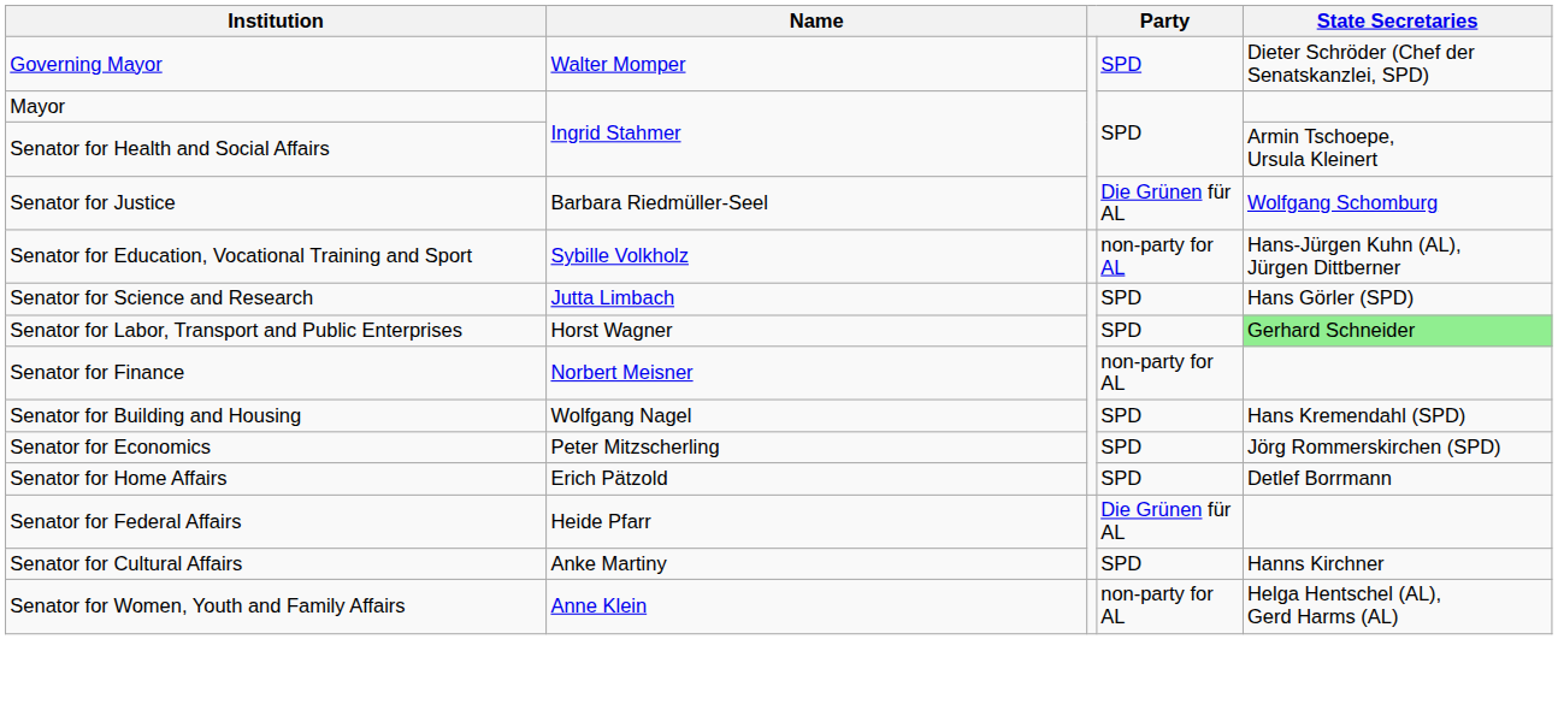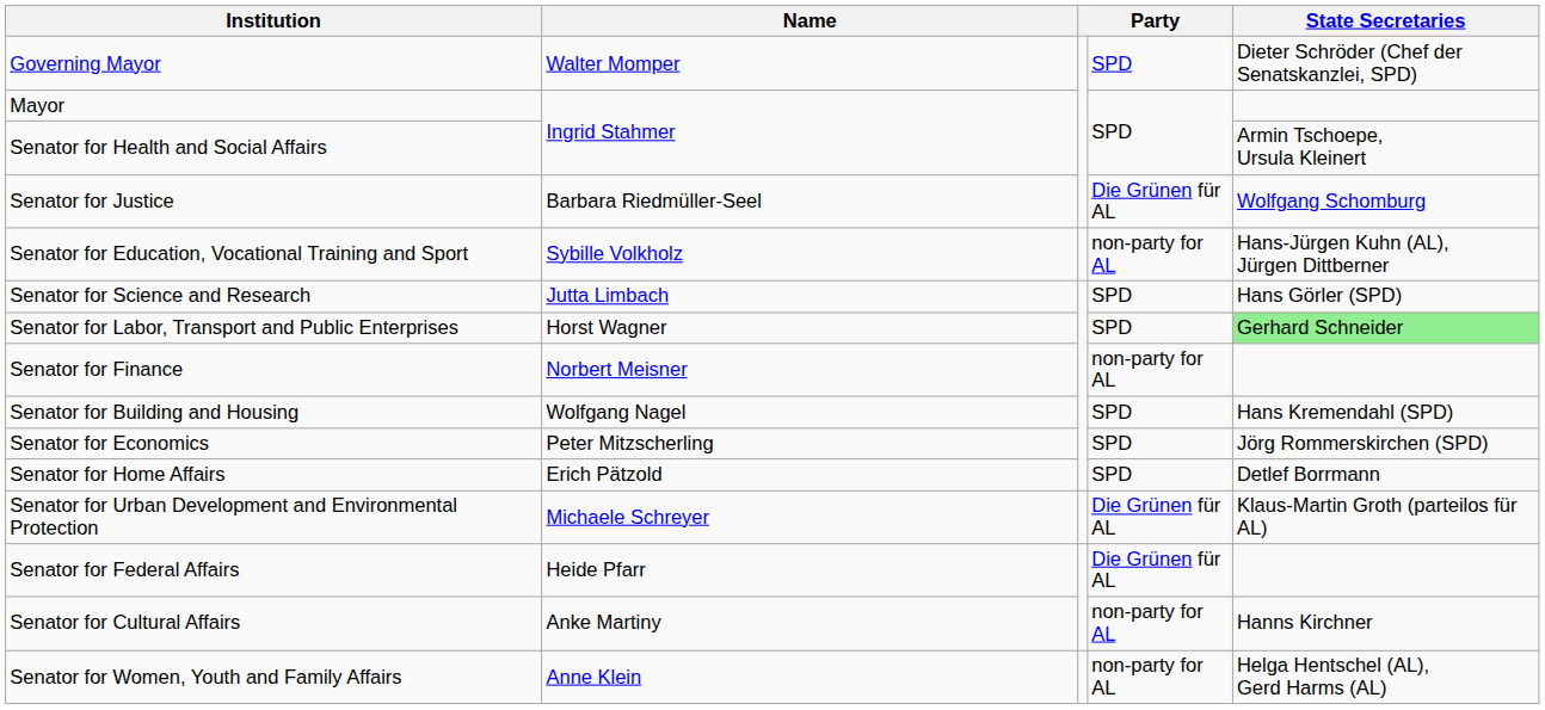 <table class="wikitable">
 <tr>
 <th width="35%">Institution</th>
 <th width="35%">Name</th>
 <th colspan="2" width="10%">Party</th>
 <th width="20%"><a href='#'>State Secretaries</a></th>
 </tr>
 <tr>
 <td><a href='#'>Governing Mayor</a></td>
 <td><a href='#'>Walter Momper</a></td>
 <td rowspan="4" style="background:"></td>
 <td><a href='#'>SPD</a></td>
 <td>Dieter Schröder (Chef der Senatskanzlei, SPD)</td>
 </tr>
 <tr>
 <td>Mayor</td>
 <td rowspan="2"><a href='#'>Ingrid Stahmer</a></td>
 <td rowspan="2">SPD</td>
 <td></td>
 </tr>
 <tr>
 <td>Senator for Health and Social Affairs</td>
 <td>Armin Tschoepe,<br>Ursula Kleinert</td>
 </tr>
 <tr>
 <td>Senator for Justice</td>
 <td>Barbara Riedmüller-Seel</td>
 <td><a href='#'>Die Grünen</a> für AL</td>
 <td><a href='#'>Wolfgang Schomburg</a></td>
 </tr>
 <tr>
 <td>Senator for Education, Vocational Training and Sport</td>
 <td><a href='#'>Sybille Volkholz</a></td>
 <td style="background:"></td>
 <td>non-party for <a href='#'>AL</a></td>
 <td>Hans-Jürgen Kuhn (AL),<br>Jürgen Dittberner</td>
 </tr>
 <tr>
 <td>Senator for Science and Research</td>
 <td><a href='#'>Jutta Limbach</a></td>
 <td rowspan="6" style="background:"></td>
 <td>SPD</td>
 <td>Hans Görler (SPD)</td>
 </tr>
 <tr>
 <td>Senator for Labor, Transport and Public Enterprises</td>
 <td>Horst Wagner</td>
 <td>SPD</td>
 <td style="background: lightgreen;">Gerhard Schneider</td>
 </tr>
 <tr>
 <td>Senator for Finance</td>
 <td><a href='#'>Norbert Meisner</a></td>
 <td>non-party for AL</td>
 <td></td>
 </tr>
 <tr>
 <td>Senator for Building and Housing</td>
 <td>Wolfgang Nagel</td>
 <td>SPD</td>
 <td>Hans Kremendahl (SPD)</td>
 </tr>
 <tr>
 <td>Senator for Economics</td>
 <td>Peter Mitzscherling</td>
 <td>SPD</td>
 <td>Jörg Rommerskirchen (SPD)</td>
 </tr>
 <tr>
 <td>Senator for Home Affairs</td>
 <td>Erich Pätzold</td>
 <td>SPD</td>
 <td>Detlef Borrmann</td>
 </tr>
+<tr --->
+<td>Senator for Urban Development and Environmental Protection</td>
+<td><a href='#'>Michaele Schreyer</a></td>
+<td style="background:"></td>
+<td><a href='#'>Die Grünen</a> für AL</td>
+<td>Klaus-Martin Groth (parteilos für AL)</td>
+</tr>
 <tr>
 <td>Senator for Federal Affairs</td>
 <td>Heide Pfarr</td>
 <td rowspan="2" style="background:"></td>
 <td><a href='#'>Die Grünen</a> für AL</td>
 <td></td>
 </tr>
 <tr>
 <td>Senator for Cultural Affairs</td>
 <td>Anke Martiny</td>
-<td>SPD</td>
+<td>non-party for <a href='#'>AL</a></td>
 <td>Hanns Kirchner</td>
 </tr>
 <tr>
 <td>Senator for Women, Youth and Family Affairs</td>
 <td><a href='#'>Anne Klein</a></td>
 <td style="background:"></td>
 <td>non-party for AL</td>
 <td>Helga Hentschel (AL),<br>Gerd Harms (AL)</td>
 </tr>
 </table>
